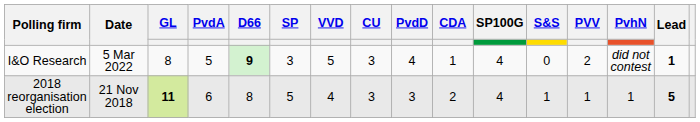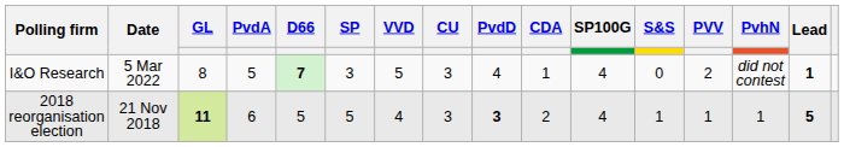 <table class="wikitable sortable" style="text-align:center;font-size:90%;line-height:14px;">
 <tr style="height:40px;">
 <th style="width:85px;" rowspan="2">Polling firm</th>
 <th style="width:60px;" rowspan="2">Date</th>
 <th class="unsortable" style="width:40px;"><a href='#'>GL</a></th>
 <th class="unsortable" style="width:40px;"><a href='#'>PvdA</a></th>
 <th class="unsortable" style="width:40px;"><a href='#'>D66</a></th>
 <th class="unsortable" style="width:40px;"><a href='#'>SP</a></th>
 <th class="unsortable" style="width:40px;"><a href='#'>VVD</a></th>
 <th class="unsortable" style="width:40px;"><a href='#'>CU</a></th>
 <th class="unsortable" style="width:40px;"><a href='#'>PvdD</a></th>
 <th class="unsortable" style="width:40px;"><a href='#'>CDA</a></th>
 <th class="unsortable" style="width:40px;">SP100G </th>
 <th class="unsortable" style="width:40px;"><a href='#'>S&S</a></th>
 <th class="unsortable" style="width:40px;"><a href='#'>PVV</a></th>
 <th class="unsortable" style="width:40px;"><a href='#'>PvhN</a></th>
 <th style="width:30px;" rowspan="2">Lead</th>
 <th rowspan="2" class="unsortable"></th>
 </tr>
 <tr>
 <th style="background:"></th>
 <th style="background:"></th>
 <th style="background:"></th>
 <th style="background:"></th>
 <th style="background:"></th>
 <th style="background:"></th>
 <th style="background:"></th>
 <th style="background:"></th>
 <th style="background:#009b3c;"></th>
 <th style="background:#fedc00;"></th>
 <th style="background:"></th>
 <th style="background:#E8512A;"></th>
 </tr>
 <tr>
 <td>I&O Research</td>
 <td data-sort-value="2022-03-05">5 Mar 2022</td>
 <td>8</td>
 <td>5</td>
-<td style="background:#D3F2D0"><strong>9</strong></td>
+<td style="background:#D3F2D0"><strong>7</strong></td>
 <td>3</td>
 <td>5</td>
 <td>3</td>
 <td>4</td>
 <td>1</td>
 <td>4</td>
 <td>0</td>
 <td>2</td>
 <td colspan=1><em>did not contest</em></td>
 <td style="background:"><strong>1</strong></td>
 <td></td>
 </tr>
 <tr style="background-color:#E9E9E9">
 <td>2018 reorganisation election</td>
 <td data-sort-value="2018-11-21">21 Nov 2018</td>
 <td style="background:#d3ea9e"><strong>11</strong></td>
 <td>6</td>
-<td>8</td>
+<td>5</td>
 <td>5</td>
 <td>4</td>
 <td>3</td>
-<td>3</td>
+<td><strong>3</strong></td>
 <td>2</td>
 <td>4</td>
 <td>1</td>
 <td>1</td>
 <td>1</td>
 <td style="background:"><strong>5</strong></td>
 <td></td>
 </tr>
 </table>
